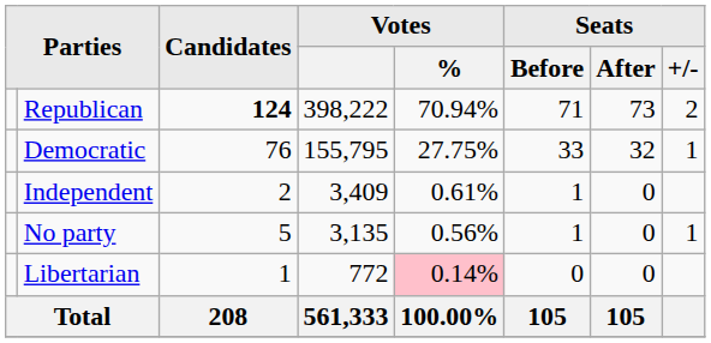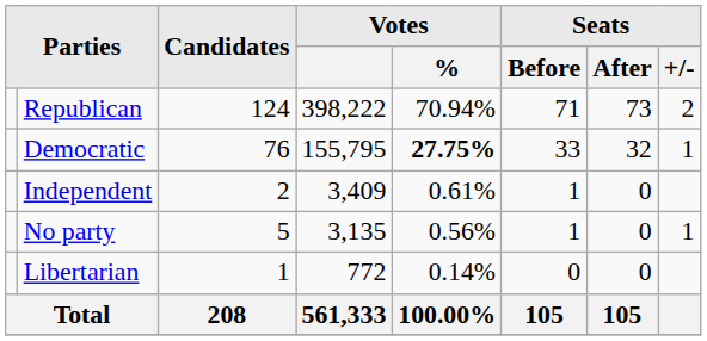 <table class=wikitable>
 <tr>
 <th style="background-color:#E9E9E9" align=center rowspan= 2 colspan=2>Parties</th>
 <th style="background-color:#E9E9E9" align=center rowspan= 2>Candidates</th>
 <th style="background-color:#E9E9E9" align=center colspan=2>Votes</th>
 <th style="background-color:#E9E9E9" align=center colspan=4>Seats</th>
 </tr>
 <tr>
 <th align=center></th>
 <th align=center>%</th>
 <th align=center>Before</th>
 <th align=center>After</th>
 <th align=center>+/-</th>
 </tr>
 <tr>
 <td></td>
 <td align=left><a href='#'>Republican</a></td>
-<td align=right><strong>124</strong></td>
+<td align=right>124</td>
 <td align=right>398,222</td>
 <td align=right>70.94%</td>
 <td align=right>71</td>
 <td align=right>73</td>
 <td align=right> 2</td>
 </tr>
 <tr>
 <td></td>
 <td align=left><a href='#'>Democratic</a></td>
 <td align=right>76</td>
 <td align=right>155,795</td>
-<td align=right>27.75%</td>
+<td align=right><strong>27.75%</strong></td>
 <td align=right>33</td>
 <td align=right>32</td>
 <td align=right> 1</td>
 </tr>
 <tr>
 <td></td>
 <td><a href='#'>Independent</a></td>
 <td align=right>2</td>
 <td align=right>3,409</td>
 <td align=right>0.61%</td>
 <td align=right>1</td>
 <td align=right>0</td>
 <td align=right></td>
 </tr>
 <tr>
 <td></td>
 <td><a href='#'>No party</a></td>
 <td align=right>5</td>
 <td align=right>3,135</td>
 <td align=right>0.56%</td>
 <td align=right>1</td>
 <td align=right>0</td>
 <td align=right> 1</td>
 </tr>
 <tr>
 <td></td>
 <td><a href='#'>Libertarian</a></td>
 <td align=right>1</td>
 <td align=right>772</td>
-<td align=right style="background: pink;">0.14%</td>
+<td align=right>0.14%</td>
 <td align=right>0</td>
 <td align=right>0</td>
 <td align=right></td>
 </tr>
 <tr>
 <th align=center colspan="2">Total</th>
 <th align=center>208</th>
 <th align=center>561,333</th>
 <th align=center>100.00%</th>
 <th align=center>105</th>
 <th align=center>105</th>
 <th align=center></th>
 </tr>
 <tr>
 </tr>
 </table>
